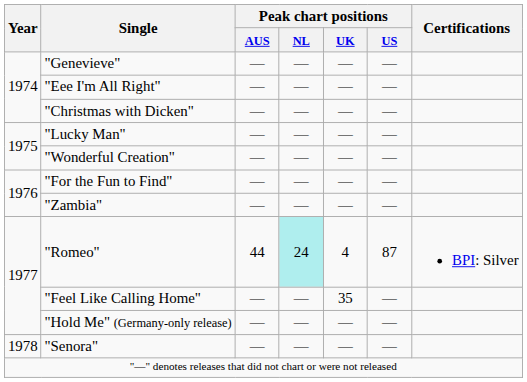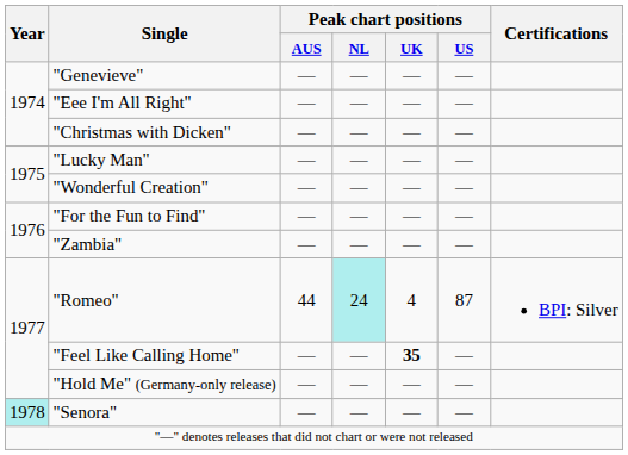 <table class="wikitable" style="text-align:center">
 <tr>
 <th rowspan="2">Year</th>
 <th rowspan="2">Single</th>
 <th colspan="4">Peak chart positions</th>
 <th rowspan="2">Certifications</th>
 </tr>
 <tr>
 <th width=40><small><a href='#'>AUS</a></small><br></th>
 <th width=40><small><a href='#'>NL</a></small><br></th>
 <th width=40><small><a href='#'>UK</a></small><br></th>
 <th width=40><small><a href='#'>US</a></small><br></th>
 </tr>
 <tr>
 <td rowspan="3">1974</td>
 <td align="left">"Genevieve"</td>
 <td>—</td>
 <td>—</td>
 <td>—</td>
 <td>—</td>
 <td></td>
 </tr>
 <tr>
 <td align="left">"Eee I'm All Right"</td>
 <td>—</td>
 <td>—</td>
 <td>—</td>
 <td>—</td>
 <td></td>
 </tr>
 <tr>
 <td align="left">"Christmas with Dicken"</td>
 <td>—</td>
 <td>—</td>
 <td>—</td>
 <td>—</td>
 <td></td>
 </tr>
 <tr>
 <td rowspan="2">1975</td>
 <td align="left">"Lucky Man"</td>
 <td>—</td>
 <td>—</td>
 <td>—</td>
 <td>—</td>
 <td></td>
 </tr>
 <tr>
 <td align="left">"Wonderful Creation"</td>
 <td>—</td>
 <td>—</td>
 <td>—</td>
 <td>—</td>
 <td></td>
 </tr>
 <tr>
 <td rowspan="2">1976</td>
 <td align="left">"For the Fun to Find"</td>
 <td>—</td>
 <td>—</td>
 <td>—</td>
 <td>—</td>
 <td></td>
 </tr>
 <tr>
 <td align="left">"Zambia"</td>
 <td>—</td>
 <td>—</td>
 <td>—</td>
 <td>—</td>
 <td></td>
 </tr>
 <tr>
 <td rowspan="3">1977</td>
 <td align="left">"Romeo"</td>
 <td>44</td>
 <td style="background: paleturquoise;">24</td>
 <td>4</td>
 <td>87</td>
 <td><br><ul><li><a href='#'>BPI</a>: Silver</li></ul></td>
 </tr>
 <tr>
 <td align="left">"Feel Like Calling Home"</td>
 <td>—</td>
 <td>—</td>
-<td>35</td>
+<td><strong>35</strong></td>
 <td>—</td>
 <td></td>
 </tr>
 <tr>
 <td align="left">"Hold Me" <small>(Germany-only release)</small></td>
 <td>—</td>
 <td>—</td>
 <td>—</td>
 <td>—</td>
 <td></td>
 </tr>
 <tr>
-<td>1978</td>
+<td style="background: paleturquoise;">1978</td>
 <td align="left">"Senora"</td>
 <td>—</td>
 <td>—</td>
 <td>—</td>
 <td>—</td>
 <td></td>
 </tr>
 <tr>
 <td colspan="7" style="font-size:9pt">"—" denotes releases that did not chart or were not released</td>
 </tr>
 </table>
